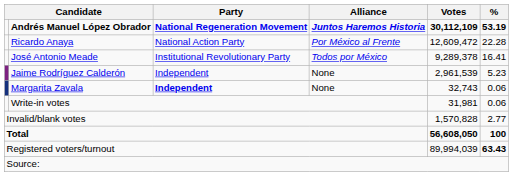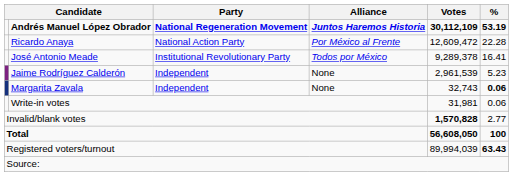 <table class=wikitable style=text-align:right>
 <tr>
 <th colspan=2>Candidate</th>
 <th>Party</th>
 <th>Alliance</th>
 <th>Votes</th>
 <th>%</th>
 </tr>
 <tr>
 <td style=background-color:></td>
 <td align=left><strong>Andrés Manuel López Obrador</strong></td>
 <td align=left><strong><a href='#'>National Regeneration Movement</a></strong></td>
 <td align=left><strong><em><a href='#'>Juntos Haremos Historia</a></em></strong></td>
 <td><strong>30,112,109</strong></td>
 <td><strong>53.19</strong></td>
 </tr>
 <tr>
 <td style=background-color:></td>
 <td align=left><a href='#'>Ricardo Anaya</a></td>
 <td align=left><a href='#'>National Action Party</a></td>
 <td align=left><em><a href='#'>Por México al Frente</a></em></td>
 <td>12,609,472</td>
 <td>22.28</td>
 </tr>
 <tr>
 <td style=background-color:></td>
 <td align=left><a href='#'>José Antonio Meade</a></td>
 <td align=left><a href='#'>Institutional Revolutionary Party</a></td>
 <td align=left><em><a href='#'>Todos por México</a></em></td>
 <td>9,289,378</td>
 <td>16.41</td>
 </tr>
 <tr>
 <td style=background-color:#7D2181></td>
 <td align=left><a href='#'>Jaime Rodríguez Calderón</a></td>
 <td align=left><a href='#'>Independent</a></td>
 <td align=left>None</td>
 <td>2,961,539</td>
 <td>5.23</td>
 </tr>
 <tr>
 <td style="background-color:#15317E"></td>
 <td align=left><a href='#'>Margarita Zavala</a></td>
-<td align="left"><strong><a href='#'>Independent</a></strong></td>
+<td align="left"><a href='#'>Independent</a></td>
 <td align=left>None</td>
 <td>32,743</td>
-<td>0.06</td>
+<td><strong>0.06</strong></td>
 </tr>
 <tr>
 <td></td>
 <td colspan=3 align=left>Write-in votes</td>
 <td>31,981</td>
 <td>0.06</td>
 </tr>
 <tr>
 <td colspan=4 align=left>Invalid/blank votes</td>
-<td>1,570,828</td>
+<td><strong>1,570,828</strong></td>
 <td>2.77</td>
 </tr>
 <tr>
 <td colspan=4 align=left><strong>Total</strong></td>
 <td><strong>56,608,050</strong></td>
 <td><strong>100</strong></td>
 </tr>
 <tr>
 <td colspan=4 align=left>Registered voters/turnout</td>
 <td>89,994,039</td>
 <td><strong>63.43</strong></td>
 </tr>
 <tr>
 <td colspan=6 align=left>Source: </td>
 </tr>
 </table>
